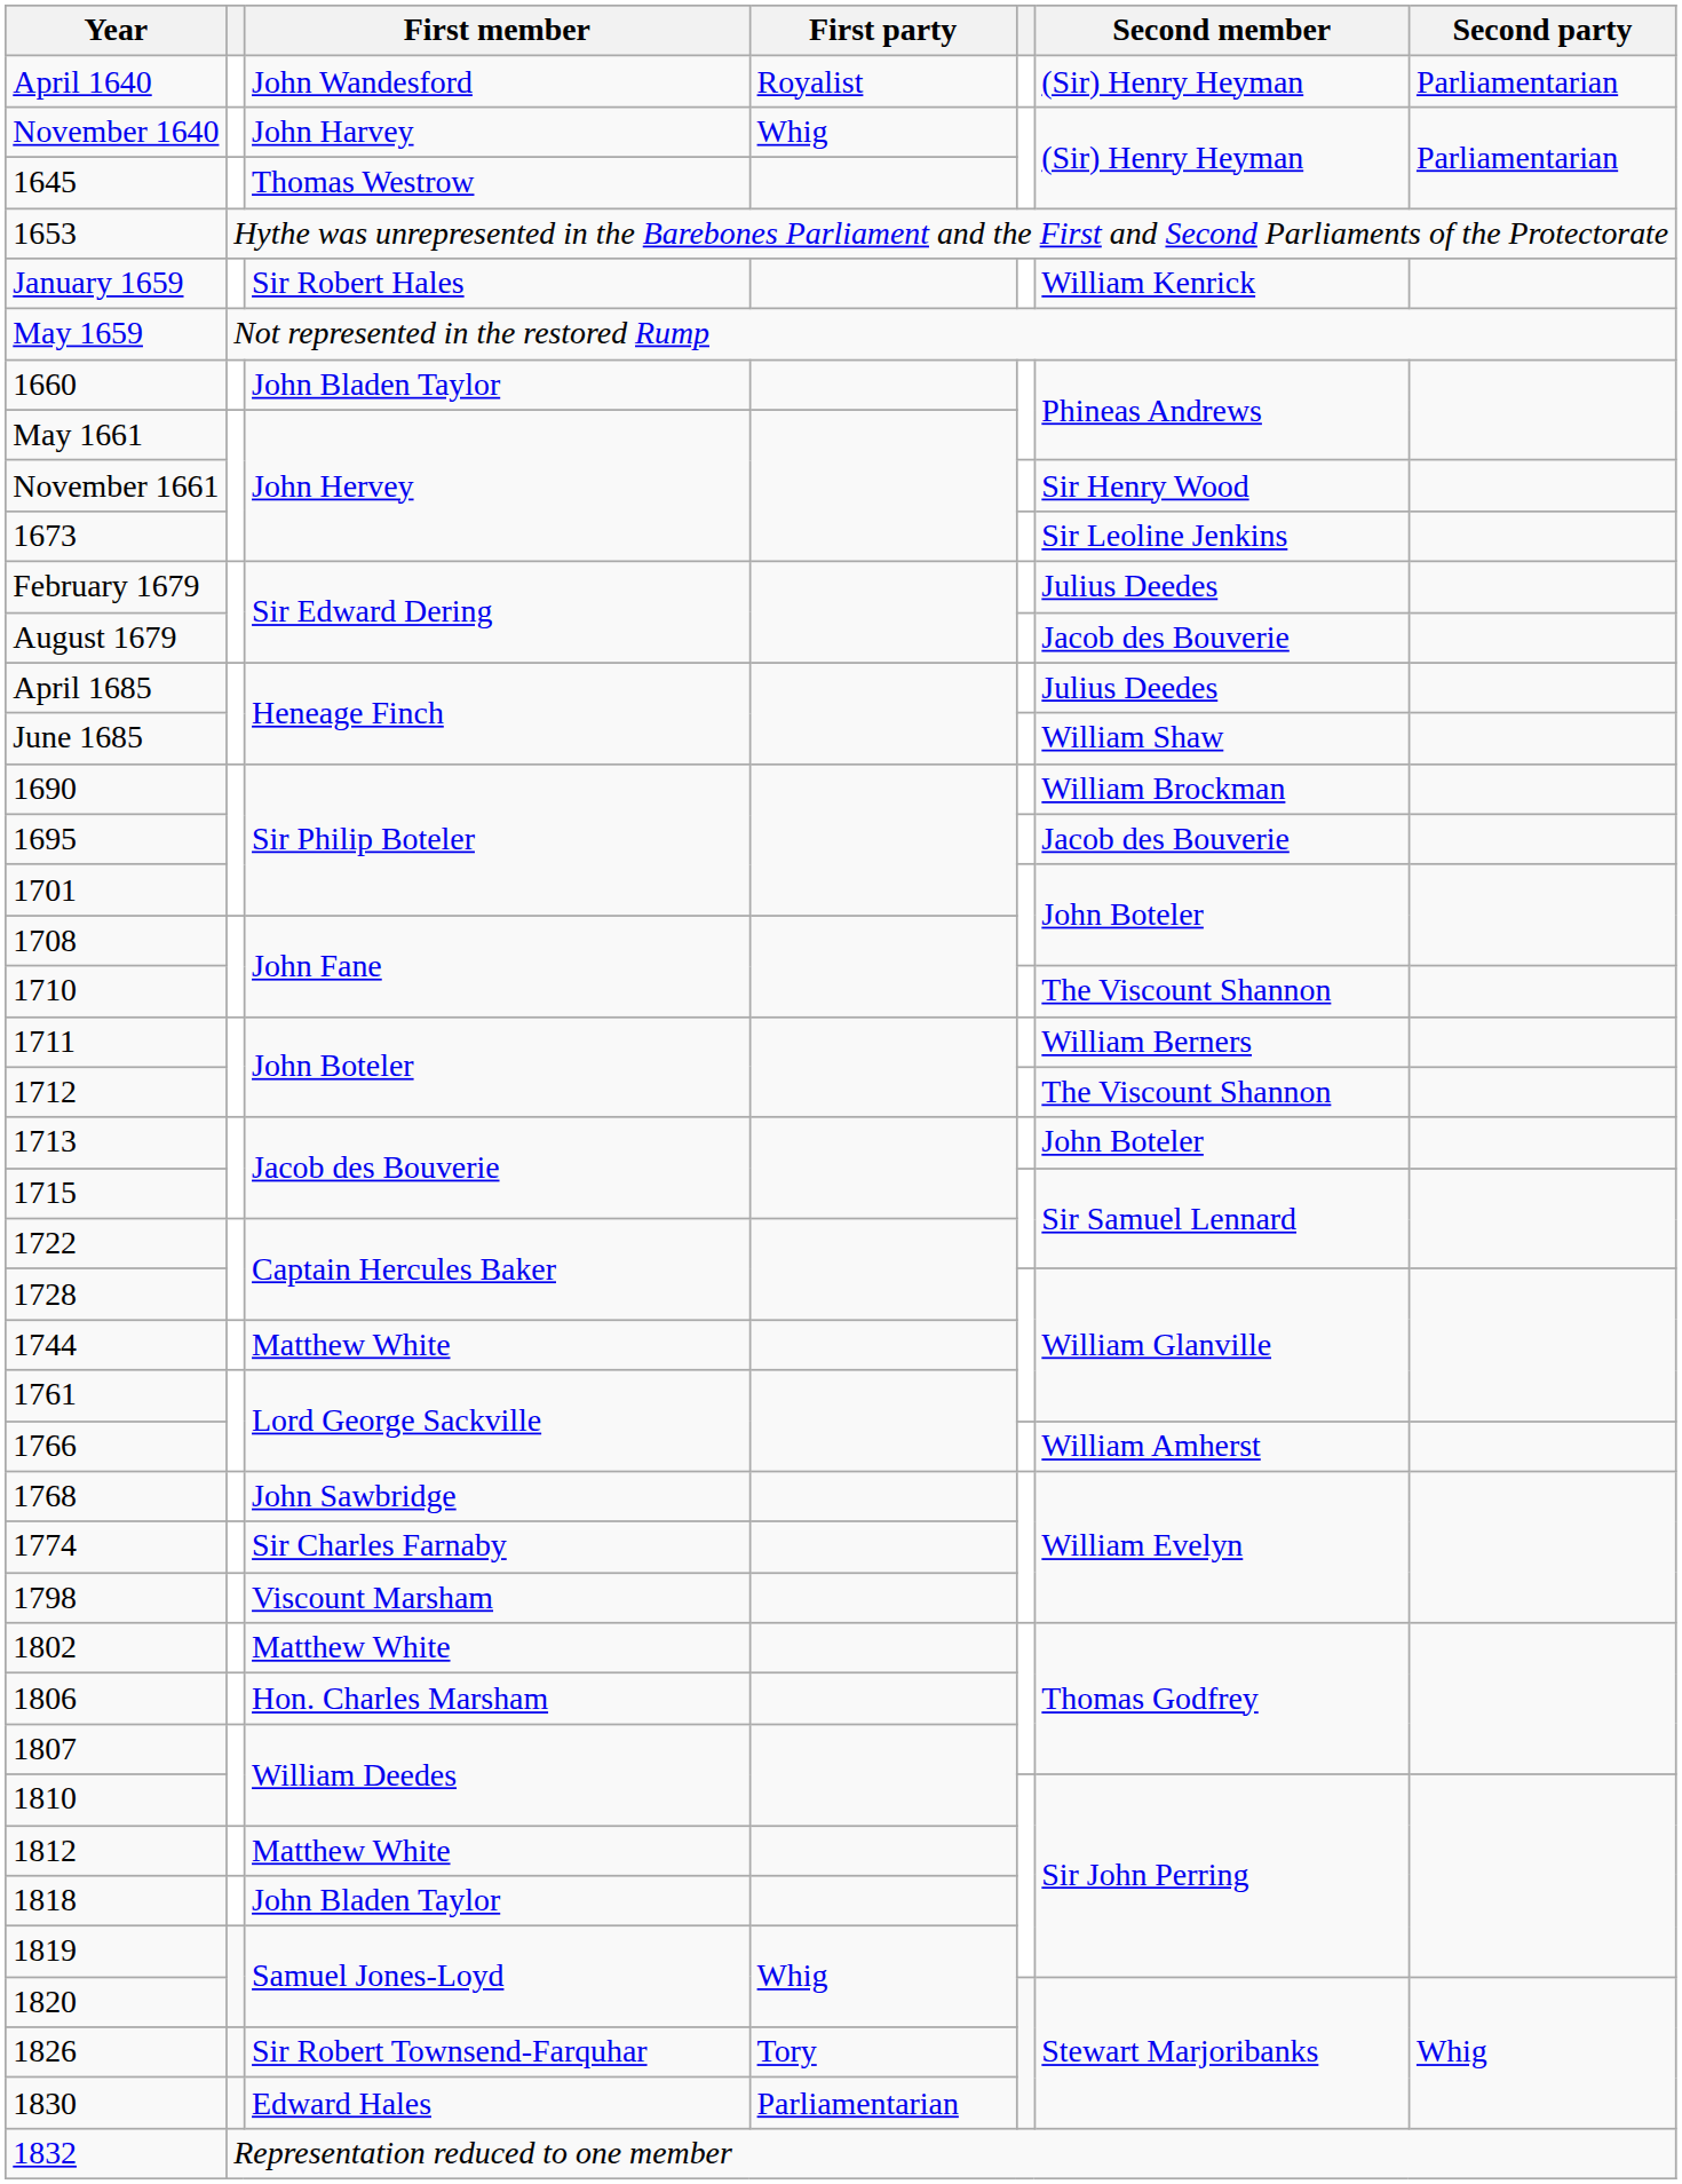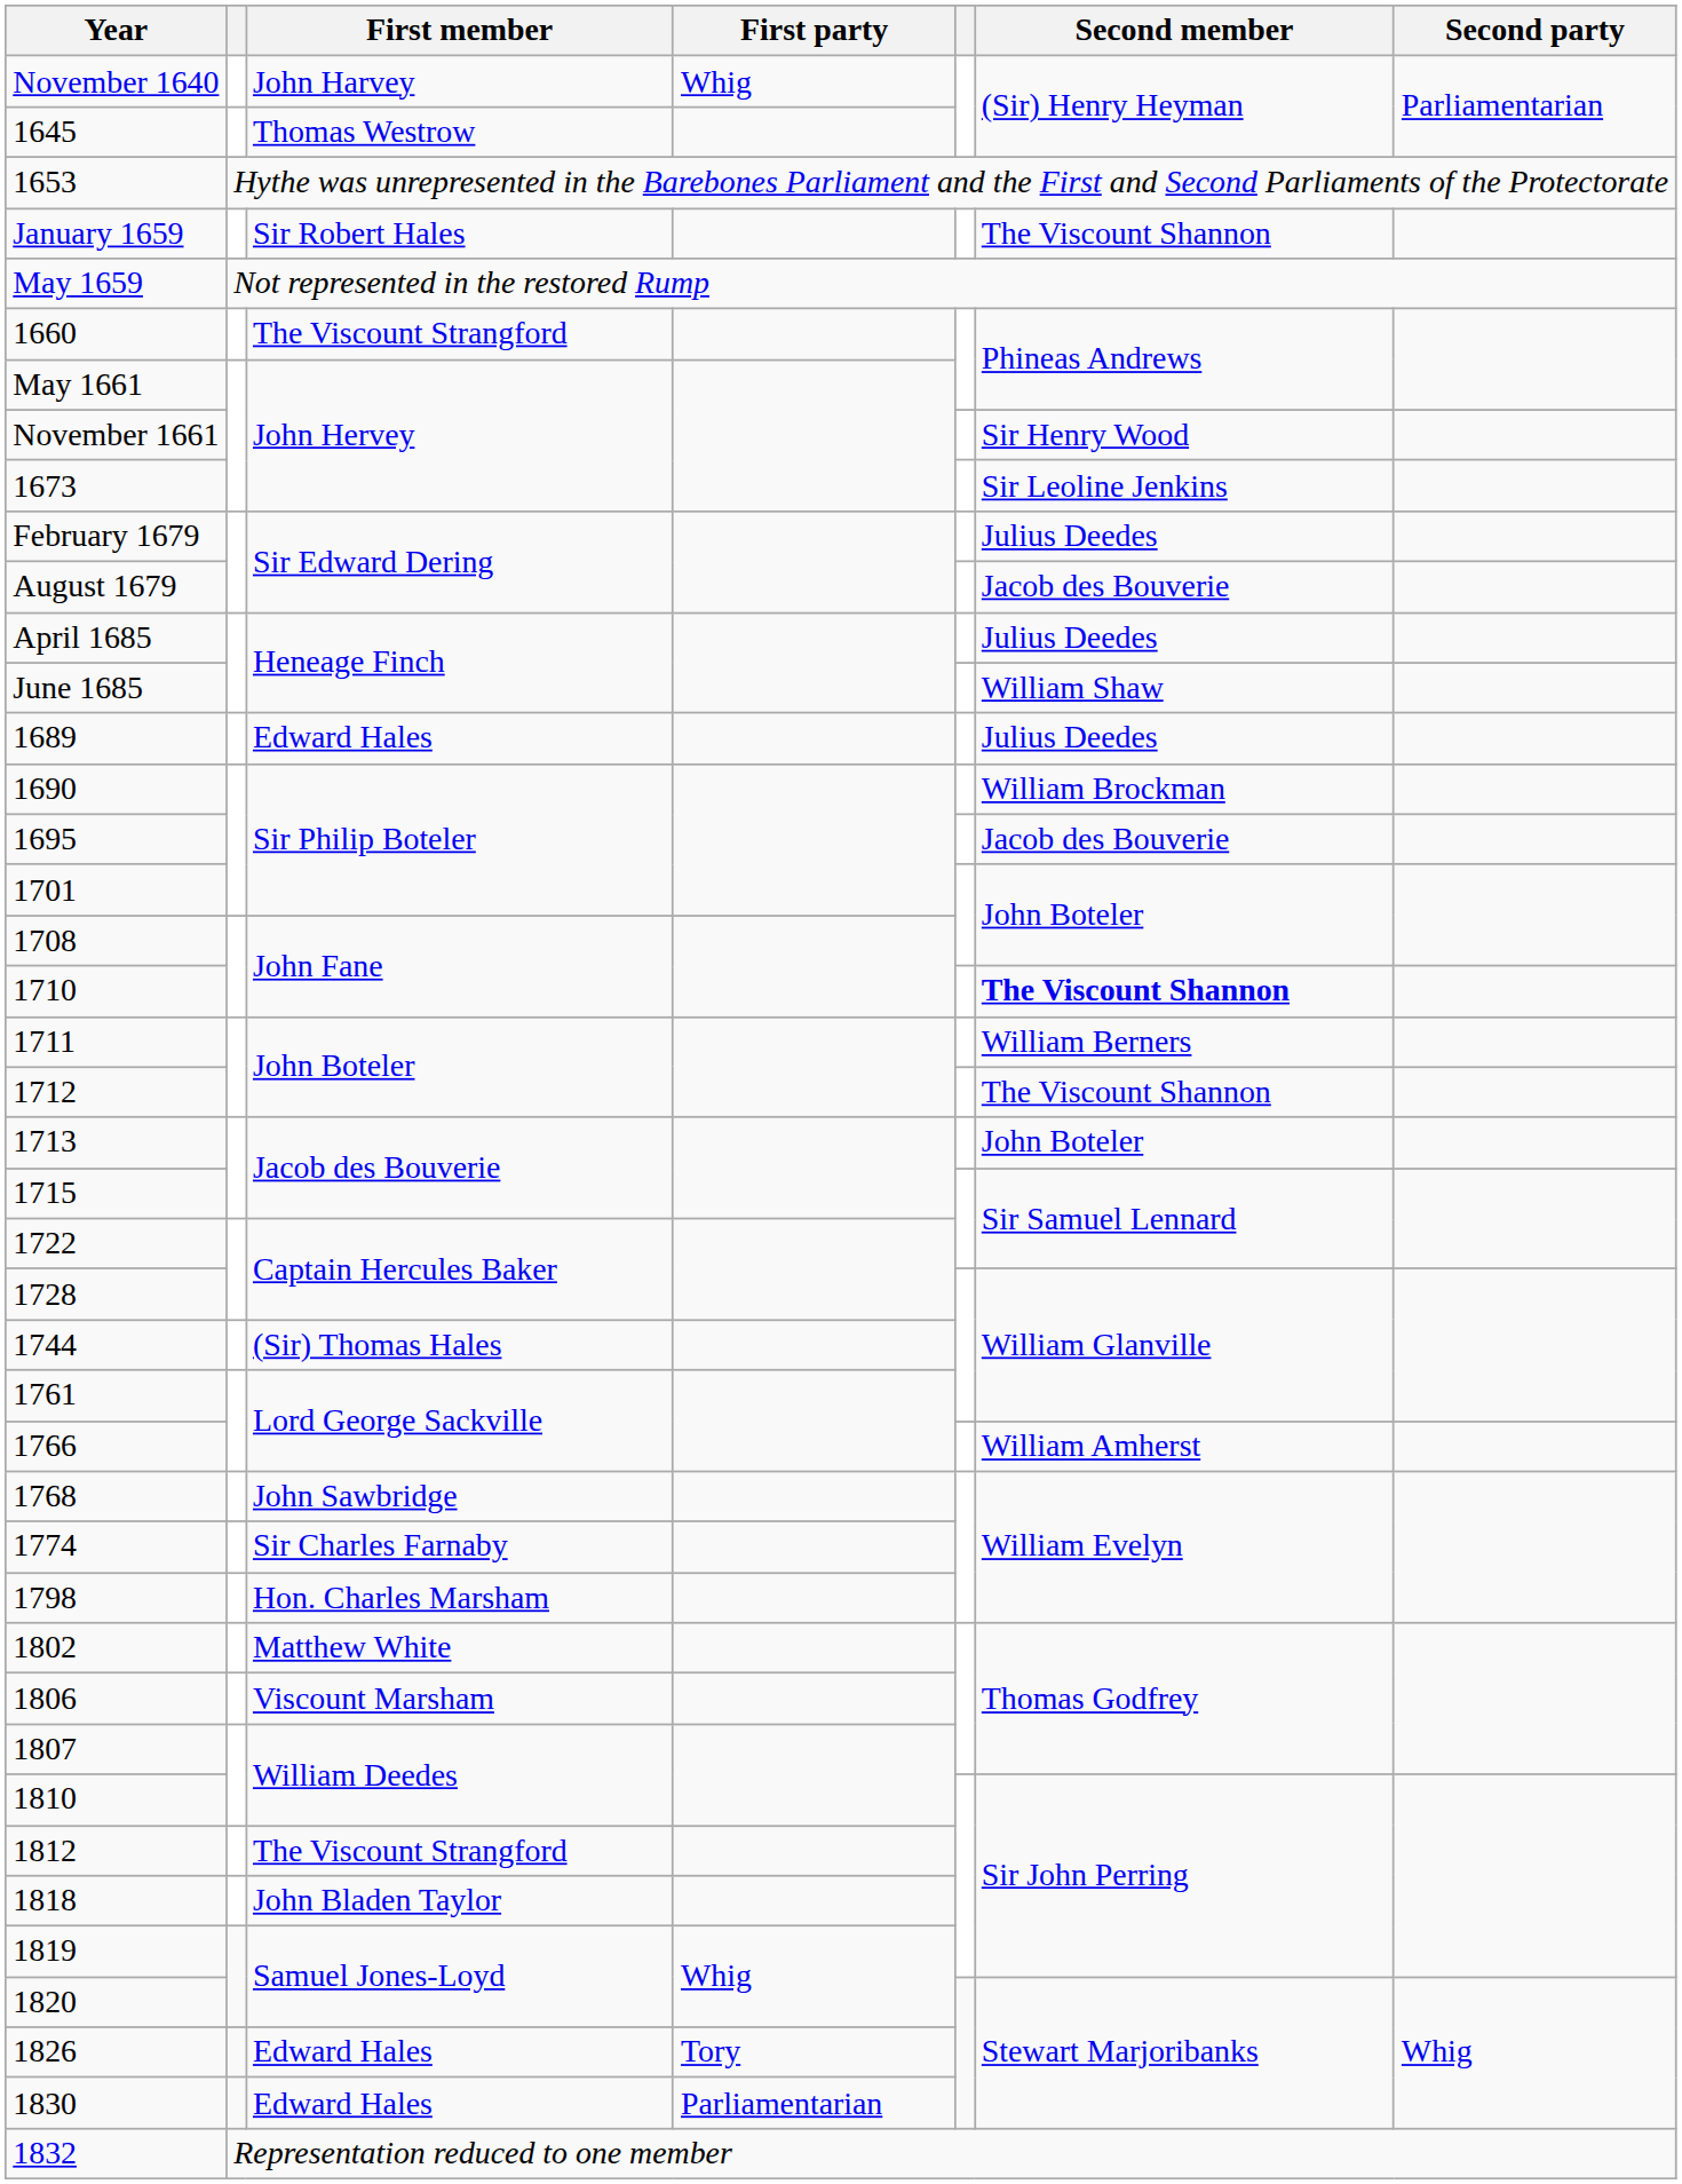 <table class="wikitable">
 <tr>
 <th>Year</th>
 <th></th>
 <th>First member</th>
 <th>First party</th>
 <th></th>
 <th>Second member</th>
 <th>Second party</th>
-</tr>
-<tr>
-<td><a href='#'>April 1640</a></td>
-<td style="color:inherit;background-color: white"></td>
-<td><a href='#'>John Wandesford</a></td>
-<td><a href='#'>Royalist</a></td>
-<td style="color:inherit;background-color: white"></td>
-<td><a href='#'>(Sir) Henry Heyman</a></td>
-<td><a href='#'>Parliamentarian</a></td>
 </tr>
 <tr>
 <td><a href='#'>November 1640</a></td>
 <td style="color:inherit;background-color: white"></td>
 <td><a href='#'>John Harvey</a></td>
 <td><a href='#'>Whig</a></td>
 <td rowspan="2" style="color:inherit;background-color: white"></td>
 <td rowspan="2"><a href='#'>(Sir) Henry Heyman</a></td>
 <td rowspan="2"><a href='#'>Parliamentarian</a></td>
 </tr>
 <tr>
 <td>1645</td>
 <td style="color:inherit;background-color: white"></td>
 <td><a href='#'>Thomas Westrow</a></td>
 <td></td>
 </tr>
 <tr>
 <td>1653</td>
 <td colspan="6"><em>Hythe was unrepresented in the <a href='#'>Barebones Parliament</a> and the <a href='#'>First</a> and <a href='#'>Second</a> Parliaments of the Protectorate</em></td>
 </tr>
 <tr>
 <td><a href='#'>January 1659</a></td>
 <td style="color:inherit;background-color: white"></td>
 <td><a href='#'>Sir Robert Hales</a></td>
 <td></td>
 <td style="color:inherit;background-color: white"></td>
-<td><a href='#'>William Kenrick</a></td>
+<td><a href='#'>The Viscount Shannon</a></td>
 <td></td>
 </tr>
 <tr>
 <td><a href='#'>May 1659</a></td>
 <td colspan="6"><em>Not represented in the restored <a href='#'>Rump</a></em></td>
 </tr>
 <tr>
 <td>1660</td>
 <td style="color:inherit;background-color: white"></td>
-<td><a href='#'>John Bladen Taylor</a></td>
+<td><a href='#'>The Viscount Strangford</a></td>
 <td></td>
 <td rowspan="2" style="color:inherit;background-color: white"></td>
 <td rowspan="2"><a href='#'>Phineas Andrews</a></td>
 <td rowspan="2"></td>
 </tr>
 <tr>
 <td>May 1661</td>
 <td rowspan="3" style="color:inherit;background-color: white"></td>
 <td rowspan="3"><a href='#'>John Hervey</a></td>
 <td rowspan="3"></td>
 </tr>
 <tr>
 <td>November 1661</td>
 <td style="color:inherit;background-color: white"></td>
 <td><a href='#'>Sir Henry Wood</a></td>
 <td></td>
 </tr>
 <tr>
 <td>1673</td>
 <td style="color:inherit;background-color: white"></td>
 <td><a href='#'>Sir Leoline Jenkins</a></td>
 <td></td>
 </tr>
 <tr>
 <td>February 1679</td>
 <td rowspan="2" style="color:inherit;background-color: white"></td>
 <td rowspan="2"><a href='#'>Sir Edward Dering</a></td>
 <td rowspan="2"></td>
 <td style="color:inherit;background-color: white"></td>
 <td><a href='#'>Julius Deedes</a></td>
 <td></td>
 </tr>
 <tr>
 <td>August 1679</td>
 <td style="color:inherit;background-color: white"></td>
 <td><a href='#'>Jacob des Bouverie</a></td>
 <td></td>
 </tr>
 <tr>
 <td>April 1685</td>
 <td rowspan="2" style="color:inherit;background-color: white"></td>
 <td rowspan="2"><a href='#'>Heneage Finch</a></td>
 <td rowspan="2"></td>
 <td style="color:inherit;background-color: white"></td>
 <td><a href='#'>Julius Deedes</a></td>
 <td></td>
 </tr>
 <tr>
 <td>June 1685</td>
 <td style="color:inherit;background-color: white"></td>
 <td><a href='#'>William Shaw</a></td>
 <td></td>
 </tr>
 <tr>
+<td>1689</td>
+<td style="color:inherit;background-color: white"></td>
+<td><a href='#'>Edward Hales</a></td>
+<td></td>
+<td style="color:inherit;background-color: white"></td>
+<td><a href='#'>Julius Deedes</a></td>
+<td></td>
+</tr>
+<tr>
 <td>1690</td>
 <td rowspan="3" style="color:inherit;background-color: white"></td>
 <td rowspan="3"><a href='#'>Sir Philip Boteler</a></td>
 <td rowspan="3"></td>
 <td style="color:inherit;background-color: white"></td>
 <td><a href='#'>William Brockman</a></td>
 <td></td>
 </tr>
 <tr>
 <td>1695</td>
 <td style="color:inherit;background-color: white"></td>
 <td><a href='#'>Jacob des Bouverie</a></td>
 <td></td>
 </tr>
 <tr>
 <td>1701</td>
 <td rowspan="2" style="color:inherit;background-color: white"></td>
 <td rowspan="2"><a href='#'>John Boteler</a></td>
 <td rowspan="2"></td>
 </tr>
 <tr>
 <td>1708</td>
 <td rowspan="2" style="color:inherit;background-color: white"></td>
 <td rowspan="2"><a href='#'>John Fane</a></td>
 <td rowspan="2"></td>
 </tr>
 <tr>
 <td>1710 </td>
 <td style="color:inherit;background-color: white"></td>
-<td><a href='#'>The Viscount Shannon</a></td>
+<td><strong><a href='#'>The Viscount Shannon</a></strong></td>
 <td></td>
 </tr>
 <tr>
 <td>1711</td>
 <td rowspan="2" style="color:inherit;background-color: white"></td>
 <td rowspan="2"><a href='#'>John Boteler</a></td>
 <td rowspan="2"></td>
 <td style="color:inherit;background-color: white"></td>
 <td><a href='#'>William Berners</a></td>
 <td></td>
 </tr>
 <tr>
 <td>1712</td>
 <td style="color:inherit;background-color: white"></td>
 <td><a href='#'>The Viscount Shannon</a></td>
 <td></td>
 </tr>
 <tr>
 <td>1713</td>
 <td rowspan="2" style="color:inherit;background-color: white"></td>
 <td rowspan="2"><a href='#'>Jacob des Bouverie</a></td>
 <td rowspan="2"></td>
 <td style="color:inherit;background-color: white"></td>
 <td><a href='#'>John Boteler</a></td>
 <td></td>
 </tr>
 <tr>
 <td>1715</td>
 <td rowspan="2" style="color:inherit;background-color: white"></td>
 <td rowspan="2"><a href='#'>Sir Samuel Lennard</a></td>
 <td rowspan="2"></td>
 </tr>
 <tr>
 <td>1722</td>
 <td rowspan="2" style="color:inherit;background-color: white"></td>
 <td rowspan="2"><a href='#'>Captain Hercules Baker</a></td>
 <td rowspan="2"></td>
 </tr>
 <tr>
 <td>1728</td>
 <td rowspan="3" style="color:inherit;background-color: white"></td>
 <td rowspan="3"><a href='#'>William Glanville</a></td>
 <td rowspan="3"></td>
 </tr>
 <tr>
 <td>1744</td>
 <td style="color:inherit;background-color: white"></td>
-<td><a href='#'>Matthew White</a></td>
+<td><a href='#'>(Sir) Thomas Hales</a></td>
 <td></td>
 </tr>
 <tr>
 <td>1761</td>
 <td rowspan="2" style="color:inherit;background-color: white"></td>
 <td rowspan="2"><a href='#'>Lord George Sackville</a></td>
 <td rowspan="2"></td>
 </tr>
 <tr>
 <td>1766</td>
 <td style="color:inherit;background-color: white"></td>
 <td><a href='#'>William Amherst</a></td>
 <td></td>
 </tr>
 <tr>
 <td>1768</td>
 <td style="color:inherit;background-color: white"></td>
 <td><a href='#'>John Sawbridge</a></td>
 <td></td>
 <td rowspan="3" style="color:inherit;background-color: white"></td>
 <td rowspan="3"><a href='#'>William Evelyn</a></td>
 <td rowspan="3"></td>
 </tr>
 <tr>
 <td>1774</td>
 <td style="color:inherit;background-color: white"></td>
 <td><a href='#'>Sir Charles Farnaby</a></td>
 <td></td>
 </tr>
 <tr>
 <td>1798</td>
 <td style="color:inherit;background-color: white"></td>
-<td><a href='#'>Viscount Marsham</a></td>
+<td><a href='#'>Hon. Charles Marsham</a></td>
 <td></td>
 </tr>
 <tr>
 <td>1802</td>
 <td style="color:inherit;background-color: white"></td>
 <td><a href='#'>Matthew White</a></td>
 <td></td>
 <td rowspan="3" style="color:inherit;background-color: white"></td>
 <td rowspan="3"><a href='#'>Thomas Godfrey</a></td>
 <td rowspan="3"></td>
 </tr>
 <tr>
 <td>1806</td>
 <td style="color:inherit;background-color: white"></td>
-<td><a href='#'>Hon. Charles Marsham</a></td>
+<td><a href='#'>Viscount Marsham</a></td>
 <td></td>
 </tr>
 <tr>
 <td>1807</td>
 <td rowspan="2" style="color:inherit;background-color: white"></td>
 <td rowspan="2"><a href='#'>William Deedes</a></td>
 <td rowspan="2"></td>
 </tr>
 <tr>
 <td>1810</td>
 <td rowspan="4" style="color:inherit;background-color: white"></td>
 <td rowspan="4"><a href='#'>Sir John Perring</a></td>
 <td rowspan="4"></td>
 </tr>
 <tr>
 <td>1812</td>
 <td style="color:inherit;background-color: white"></td>
-<td><a href='#'>Matthew White</a></td>
+<td><a href='#'>The Viscount Strangford</a></td>
 <td></td>
 </tr>
 <tr>
 <td>1818</td>
 <td style="color:inherit;background-color: white"></td>
 <td><a href='#'>John Bladen Taylor</a></td>
 <td></td>
 </tr>
 <tr>
 <td>1819</td>
 <td rowspan="2" style="color:inherit;background-color: "></td>
 <td rowspan="2"><a href='#'>Samuel Jones-Loyd</a></td>
 <td rowspan="2"><a href='#'>Whig</a></td>
 </tr>
 <tr>
 <td>1820</td>
 <td rowspan="3" style="color:inherit;background-color: "></td>
 <td rowspan="3"><a href='#'>Stewart Marjoribanks</a></td>
 <td rowspan="3"><a href='#'>Whig</a></td>
 </tr>
 <tr>
 <td>1826</td>
 <td style="color:inherit;background-color: "></td>
-<td><a href='#'>Sir Robert Townsend-Farquhar</a></td>
+<td><a href='#'>Edward Hales</a></td>
 <td><a href='#'>Tory</a></td>
 </tr>
 <tr>
 <td>1830</td>
 <td style="color:inherit;background-color: "></td>
 <td><a href='#'>Edward Hales</a></td>
 <td><a href='#'>Parliamentarian</a></td>
 </tr>
 <tr>
 <td><a href='#'>1832</a></td>
 <td colspan="6"><em>Representation reduced to one member</em></td>
 </tr>
 </table>
